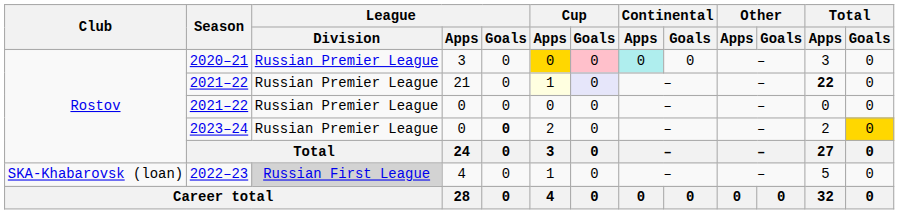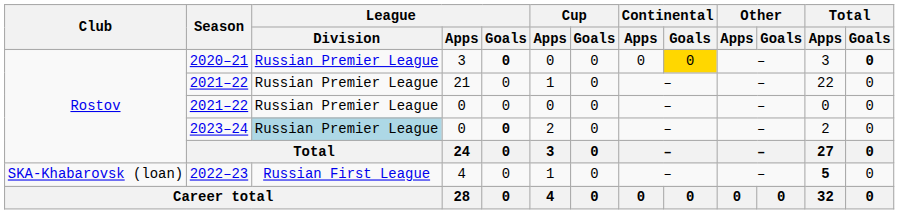 <table class="wikitable" style="text-align: center;">
 <tr>
 <th rowspan=2>Club</th>
 <th rowspan=2>Season</th>
 <th colspan=3>League</th>
 <th colspan=2>Cup</th>
 <th colspan=2>Continental</th>
 <th colspan=2>Other</th>
 <th colspan=2>Total</th>
 </tr>
 <tr>
 <th>Division</th>
 <th>Apps</th>
 <th>Goals</th>
 <th>Apps</th>
 <th>Goals</th>
 <th>Apps</th>
 <th>Goals</th>
 <th>Apps</th>
 <th>Goals</th>
 <th>Apps</th>
 <th>Goals</th>
 </tr>
 <tr>
 <td rowspan="5"><a href='#'>Rostov</a></td>
 <td><a href='#'>2020–21</a></td>
 <td><a href='#'>Russian Premier League</a></td>
 <td>3</td>
+<td><strong>0</strong></td>
+<td>0</td>
+<td>0</td>
 <td>0</td>
 <td style="background: gold;">0</td>
-<td style="background: pink;">0</td>
-<td style="background: paleturquoise;">0</td>
-<td>0</td>
 <td colspan="2">–</td>
 <td>3</td>
-<td>0</td>
+<td><strong>0</strong></td>
 </tr>
 <tr>
 <td><a href='#'>2021–22</a></td>
 <td>Russian Premier League</td>
 <td>21</td>
 <td>0</td>
-<td style="background: lightyellow;">1</td>
-<td style="background: lavender;">0</td>
+<td>1</td>
+<td>0</td>
 <td colspan="2">–</td>
 <td colspan="2">–</td>
-<td><strong>22</strong></td>
+<td>22</td>
 <td>0</td>
 </tr>
 <tr>
 <td><a href='#'>2021–22</a></td>
 <td>Russian Premier League</td>
 <td>0</td>
 <td>0</td>
 <td>0</td>
 <td>0</td>
 <td colspan="2">–</td>
 <td colspan="2">–</td>
 <td>0</td>
 <td>0</td>
 </tr>
 <tr>
 <td><a href='#'>2023–24</a></td>
-<td>Russian Premier League</td>
+<td style="background: lightblue;">Russian Premier League</td>
 <td>0</td>
 <td><strong>0</strong></td>
 <td>2</td>
 <td>0</td>
 <td colspan="2">–</td>
 <td colspan="2">–</td>
 <td>2</td>
-<td style="background: gold;">0</td>
+<td>0</td>
 </tr>
 <tr>
 <th colspan="2">Total</th>
 <th>24</th>
 <th>0</th>
 <th>3</th>
 <th>0</th>
 <th colspan="2">–</th>
 <th colspan="2">–</th>
 <th>27</th>
 <th>0</th>
 </tr>
 <tr>
 <td><a href='#'>SKA-Khabarovsk</a> (loan)</td>
 <td><a href='#'>2022–23</a></td>
-<td style="background: lightgrey;"><a href='#'>Russian First League</a></td>
+<td><a href='#'>Russian First League</a></td>
 <td>4</td>
 <td>0</td>
 <td>1</td>
 <td>0</td>
 <td colspan="2">–</td>
 <td colspan="2">–</td>
-<td>5</td>
+<td><strong>5</strong></td>
 <td>0</td>
 </tr>
 <tr>
 <th colspan=3>Career total</th>
 <th>28</th>
 <th>0</th>
 <th>4</th>
 <th>0</th>
 <th>0</th>
 <th>0</th>
 <th>0</th>
 <th>0</th>
 <th>32</th>
 <th>0</th>
 </tr>
 </table>
